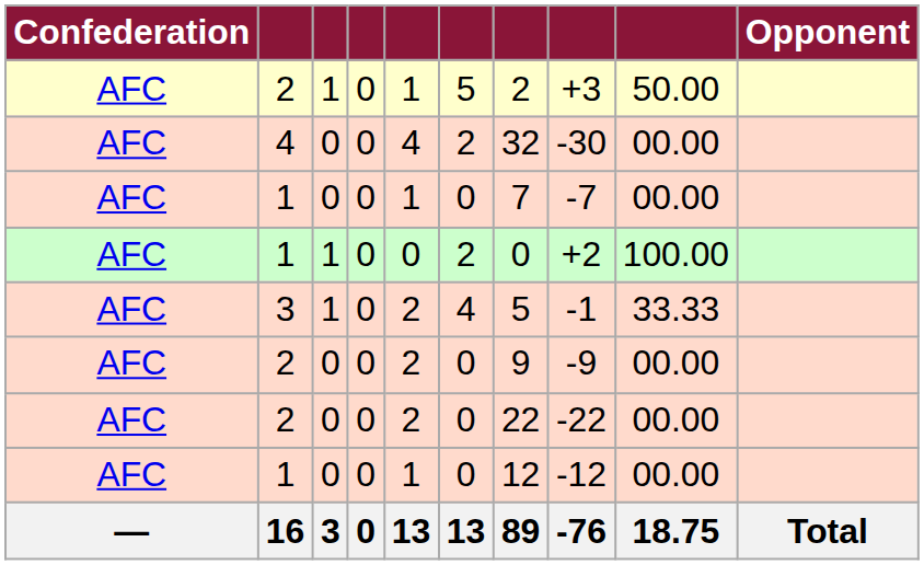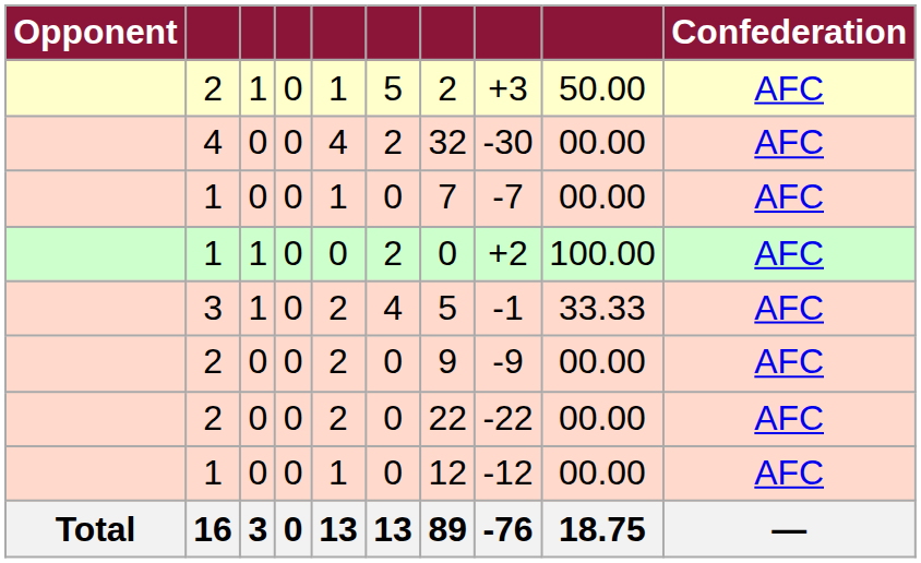 <table class="wikitable sortable" style="text-align:center;">
 <tr style="color:white">
-<th style="background-color:#8A1538;color:white">Confederation</th>
+<th style="background-color:#8A1538;color:white">Opponent</th>
 <th style="background-color:#8A1538;"></th>
 <th style="background-color:#8A1538;"></th>
 <th style="background-color:#8A1538;"></th>
 <th style="background-color:#8A1538;"></th>
 <th style="background-color:#8A1538;"></th>
 <th style="background-color:#8A1538;"></th>
 <th style="background-color:#8A1538;"></th>
 <th style="background-color:#8A1538;"></th>
-<th style="background-color:#8A1538;color:white">Opponent</th>
+<th style="background-color:#8A1538;color:white">Confederation</th>
 </tr>
 <tr bgcolor=FFFFCC>
-<td><a href='#'>AFC</a></td>
+<td style="text-align:left;"></td>
 <td>2</td>
 <td>1</td>
 <td>0</td>
 <td>1</td>
 <td>5</td>
 <td>2</td>
 <td>+3</td>
 <td>50.00</td>
-<td style="text-align:left;"></td>
+<td><a href='#'>AFC</a></td>
 </tr>
 <tr bgcolor=FFDACC>
-<td><a href='#'>AFC</a></td>
+<td style="text-align:left;"></td>
 <td>4</td>
 <td>0</td>
 <td>0</td>
 <td>4</td>
 <td>2</td>
 <td>32</td>
 <td>-30</td>
 <td>00.00</td>
-<td style="text-align:left;"></td>
+<td><a href='#'>AFC</a></td>
 </tr>
 <tr bgcolor=FFDACC>
-<td><a href='#'>AFC</a></td>
+<td style="text-align:left;"></td>
 <td>1</td>
 <td>0</td>
 <td>0</td>
 <td>1</td>
 <td>0</td>
 <td>7</td>
 <td>-7</td>
 <td>00.00</td>
-<td style="text-align:left;"></td>
+<td><a href='#'>AFC</a></td>
 </tr>
 <tr bgcolor=CCFFCC>
-<td><a href='#'>AFC</a></td>
+<td style="text-align:left;"></td>
 <td>1</td>
 <td>1</td>
 <td>0</td>
 <td>0</td>
 <td>2</td>
 <td>0</td>
 <td>+2</td>
 <td>100.00</td>
-<td style="text-align:left;"></td>
+<td><a href='#'>AFC</a></td>
 </tr>
 <tr bgcolor=FFDACC>
-<td><a href='#'>AFC</a></td>
+<td style="text-align:left;"></td>
 <td>3</td>
 <td>1</td>
 <td>0</td>
 <td>2</td>
 <td>4</td>
 <td>5</td>
 <td>-1</td>
 <td>33.33</td>
-<td style="text-align:left;"></td>
+<td><a href='#'>AFC</a></td>
 </tr>
 <tr bgcolor=FFDACC>
-<td><a href='#'>AFC</a></td>
+<td style="text-align:left;"></td>
 <td>2</td>
 <td>0</td>
 <td>0</td>
 <td>2</td>
 <td>0</td>
 <td>9</td>
 <td>-9</td>
 <td>00.00</td>
-<td style="text-align:left;"></td>
+<td><a href='#'>AFC</a></td>
 </tr>
 <tr bgcolor=FFDACC>
-<td><a href='#'>AFC</a></td>
+<td style="text-align:left;"></td>
 <td>2</td>
 <td>0</td>
 <td>0</td>
 <td>2</td>
 <td>0</td>
 <td>22</td>
 <td>-22</td>
 <td>00.00</td>
-<td style="text-align:left;"></td>
+<td><a href='#'>AFC</a></td>
 </tr>
 <tr bgcolor=FFDACC>
-<td><a href='#'>AFC</a></td>
+<td style="text-align:left;"></td>
 <td>1</td>
 <td>0</td>
 <td>0</td>
 <td>1</td>
 <td>0</td>
 <td>12</td>
 <td>-12</td>
 <td>00.00</td>
-<td style="text-align:left;"></td>
+<td><a href='#'>AFC</a></td>
 </tr>
 <tr>
-<th>—</th>
+<th>Total</th>
 <th>16</th>
 <th>3</th>
 <th>0</th>
 <th>13</th>
 <th>13</th>
 <th>89</th>
 <th>-76</th>
 <th>18.75</th>
-<th>Total</th>
+<th>—</th>
 </tr>
 </table>
